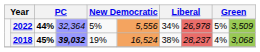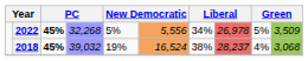 <table class="wikitable" style="float:right; width:400; font-size:90%; margin-left:1em;">
 <tr>
 <th colspan="2" scope="col">Year</th>
 <th colspan="2" scope="col"><a href='#'>PC</a></th>
 <th colspan="2" scope="col"><a href='#'>New Democratic</a></th>
 <th colspan="2" scope="col"><a href='#'>Liberal</a></th>
 <th colspan="2" scope="col"><a href='#'>Green</a></th>
 </tr>
 <tr>
 <td rowspan="2" style="width: 0.25em; background-color: "></td>
 <th><a href='#'>2022</a></th>
-<td><strong>44%</strong></td>
-<td style="text-align:right; background:#9999FF;"><em>32,364</em></td>
+<td><strong>45%</strong></td>
+<td style="text-align:right; background:#9999FF;"><em>32,268</em></td>
 <td>5%</td>
 <td style="text-align:right; background:#F4A460;"><em>5,556</em></td>
 <td>34%</td>
 <td style="text-align:right; background:#EA6D6A;"><em>26,978</em></td>
 <td>5%</td>
 <td style="text-align:right; background:#99C955;"><em>3,509</em></td>
 </tr>
 <tr>
 <th><a href='#'>2018</a></th>
 <td><strong>45%</strong></td>
-<td style="text-align:right; background:#9999FF;"><strong><em>39,032</em></strong></td>
+<td style="text-align:right; background:#9999FF;"><em>39,032</em></td>
 <td>19%</td>
 <td style="text-align:right; background:#F4A460;"><em>16,524</em></td>
 <td>38%</td>
 <td style="text-align:right; background:#EA6D6A;"><em>28,237</em></td>
 <td>4%</td>
 <td style="text-align:right; background:#99C955;"><em>3,068</em></td>
 </tr>
 <tr>
 </tr>
 </table>
